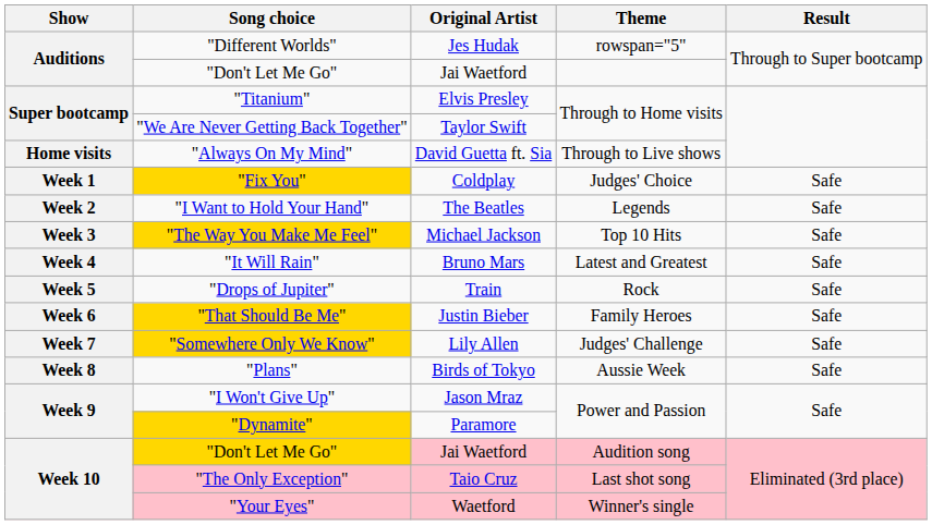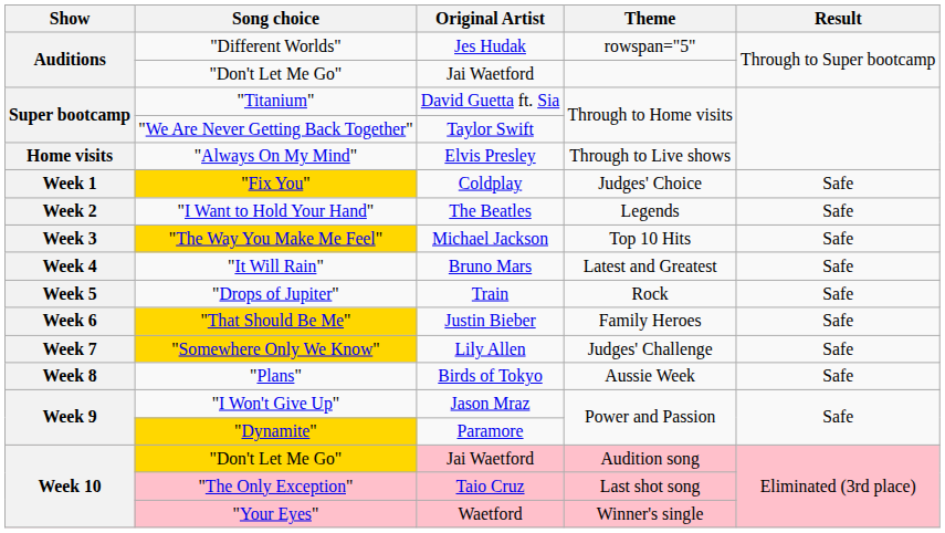 <table class="wikitable collapsible collapsed" style="text-align:center;">
 <tr>
 <th style="text-align:centre;">Show</th>
 <th style="text-align:centre;">Song choice</th>
 <th style="text-align:centre;">Original Artist</th>
 <th style="text-align:centre;">Theme</th>
 <th style="text-align:centre;">Result</th>
 </tr>
 <tr>
 <th rowspan="2">Auditions</th>
 <td>"Different Worlds"</td>
 <td><a href='#'>Jes Hudak</a></td>
 <td>rowspan="5" </td>
 <td rowspan="2">Through to Super bootcamp</td>
 </tr>
 <tr>
 <td>"Don't Let Me Go"</td>
 <td>Jai Waetford</td>
 </tr>
 <tr>
 <th rowspan="2">Super bootcamp</th>
 <td>"<a href='#'>Titanium</a>"</td>
-<td><a href='#'>Elvis Presley</a></td>
+<td><a href='#'>David Guetta</a> ft. <a href='#'>Sia</a></td>
 <td rowspan="2">Through to Home visits</td>
 </tr>
 <tr>
 <td>"<a href='#'>We Are Never Getting Back Together</a>"</td>
 <td><a href='#'>Taylor Swift</a></td>
 </tr>
 <tr>
 <th>Home visits</th>
 <td>"<a href='#'>Always On My Mind</a>"</td>
-<td><a href='#'>David Guetta</a> ft. <a href='#'>Sia</a></td>
+<td><a href='#'>Elvis Presley</a></td>
 <td>Through to Live shows</td>
 </tr>
 <tr>
 <th>Week 1</th>
 <td style="background:gold">"<a href='#'>Fix You</a>"</td>
 <td><a href='#'>Coldplay</a></td>
 <td>Judges' Choice</td>
 <td>Safe</td>
 </tr>
 <tr>
 <th>Week 2</th>
 <td>"<a href='#'>I Want to Hold Your Hand</a>"</td>
 <td><a href='#'>The Beatles</a></td>
 <td>Legends</td>
 <td>Safe</td>
 </tr>
 <tr>
 <th>Week 3</th>
 <td style="background:gold">"<a href='#'>The Way You Make Me Feel</a>"</td>
 <td><a href='#'>Michael Jackson</a></td>
 <td>Top 10 Hits</td>
 <td>Safe</td>
 </tr>
 <tr>
 <th>Week 4</th>
 <td>"<a href='#'>It Will Rain</a>"</td>
 <td><a href='#'>Bruno Mars</a></td>
 <td>Latest and Greatest</td>
 <td>Safe</td>
 </tr>
 <tr>
 <th>Week 5</th>
 <td>"<a href='#'>Drops of Jupiter</a>"</td>
 <td><a href='#'>Train</a></td>
 <td>Rock</td>
 <td>Safe</td>
 </tr>
 <tr>
 <th>Week 6</th>
 <td style="background:gold">"<a href='#'>That Should Be Me</a>"</td>
 <td><a href='#'>Justin Bieber</a></td>
 <td>Family Heroes</td>
 <td>Safe</td>
 </tr>
 <tr>
 <th>Week 7</th>
 <td style="background:gold">"<a href='#'>Somewhere Only We Know</a>"</td>
 <td><a href='#'>Lily Allen</a></td>
 <td>Judges' Challenge</td>
 <td>Safe</td>
 </tr>
 <tr>
 <th>Week 8</th>
 <td>"<a href='#'>Plans</a>"</td>
 <td><a href='#'>Birds of Tokyo</a></td>
 <td>Aussie Week</td>
 <td>Safe</td>
 </tr>
 <tr>
 <th rowspan="2">Week 9</th>
 <td>"<a href='#'>I Won't Give Up</a>"</td>
 <td><a href='#'>Jason Mraz</a></td>
 <td rowspan="2">Power and Passion</td>
 <td rowspan="2">Safe</td>
 </tr>
 <tr>
 <td style="background:gold">"<a href='#'>Dynamite</a>"</td>
 <td><a href='#'>Paramore</a></td>
 </tr>
 <tr style="background:pink">
 <th rowspan="3">Week 10</th>
 <td style="background:gold">"Don't Let Me Go"</td>
 <td>Jai Waetford</td>
 <td>Audition song</td>
 <td rowspan="3">Eliminated (3rd place)</td>
 </tr>
 <tr style="background:pink">
 <td>"<a href='#'>The Only Exception</a>"</td>
 <td><a href='#'>Taio Cruz</a></td>
 <td>Last shot song</td>
 </tr>
 <tr style="background:pink">
 <td>"<a href='#'>Your Eyes</a>"</td>
 <td>Waetford</td>
 <td>Winner's single</td>
 </tr>
 </table>
